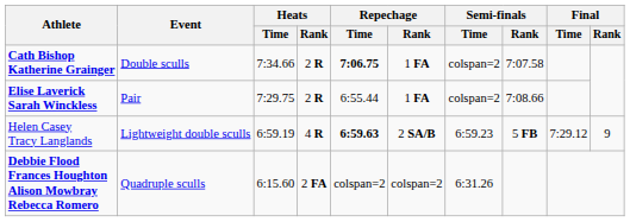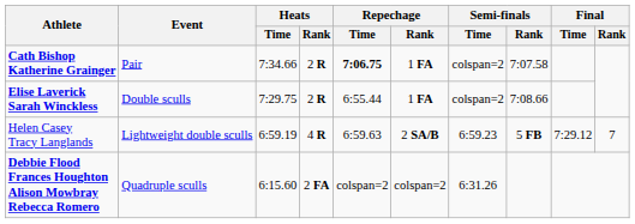 <table class="wikitable" style="font-size:90%;">
 <tr>
 <th rowspan="2">Athlete</th>
 <th rowspan="2">Event</th>
 <th colspan="2">Heats</th>
 <th colspan="2">Repechage</th>
 <th colspan="2">Semi-finals</th>
 <th colspan="2">Final</th>
 </tr>
 <tr style="font-size:95%">
 <th>Time</th>
 <th>Rank</th>
 <th>Time</th>
 <th>Rank</th>
 <th>Time</th>
 <th>Rank</th>
 <th>Time</th>
 <th>Rank</th>
 </tr>
 <tr align=center>
 <td align=left><strong><a href='#'>Cath Bishop</a><br><a href='#'>Katherine Grainger</a></strong></td>
-<td align=left><a href='#'>Double sculls</a></td>
+<td align=left><a href='#'>Pair</a></td>
 <td>7:34.66</td>
 <td>2 <strong>R</strong></td>
 <td><strong>7:06.75</strong></td>
 <td>1 <strong>FA</strong></td>
 <td>colspan=2 </td>
 <td>7:07.58</td>
 <td></td>
 </tr>
 <tr align=center>
 <td align=left><strong><a href='#'>Elise Laverick</a><br><a href='#'>Sarah Winckless</a></strong></td>
-<td align=left><a href='#'>Pair</a></td>
+<td align=left><a href='#'>Double sculls</a></td>
 <td>7:29.75</td>
 <td>2 <strong>R</strong></td>
 <td>6:55.44</td>
 <td>1 <strong>FA</strong></td>
 <td>colspan=2 </td>
 <td>7:08.66</td>
 <td></td>
 </tr>
 <tr align=center>
 <td align=left><a href='#'>Helen Casey</a><br><a href='#'>Tracy Langlands</a></td>
 <td align=left><a href='#'>Lightweight double sculls</a></td>
 <td>6:59.19</td>
 <td>4 <strong>R</strong></td>
-<td><strong>6:59.63</strong></td>
+<td>6:59.63</td>
 <td>2 <strong>SA/B</strong></td>
 <td>6:59.23</td>
 <td>5 <strong>FB</strong></td>
 <td>7:29.12</td>
-<td>9</td>
+<td>7</td>
 </tr>
 <tr align=center>
 <td align=left><strong><a href='#'>Debbie Flood</a><br><a href='#'>Frances Houghton</a><br><a href='#'>Alison Mowbray</a><br><a href='#'>Rebecca Romero</a></strong></td>
 <td align=left><a href='#'>Quadruple sculls</a></td>
 <td>6:15.60</td>
 <td>2 <strong>FA</strong></td>
 <td>colspan=2 </td>
 <td>colspan=2 </td>
 <td>6:31.26</td>
 <td></td>
 </tr>
 </table>
